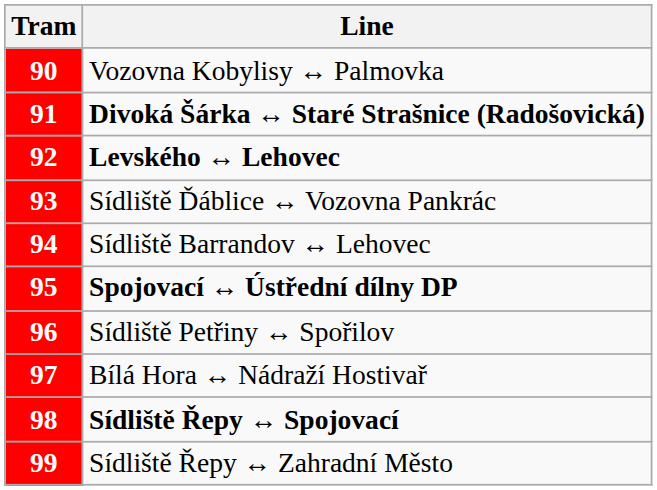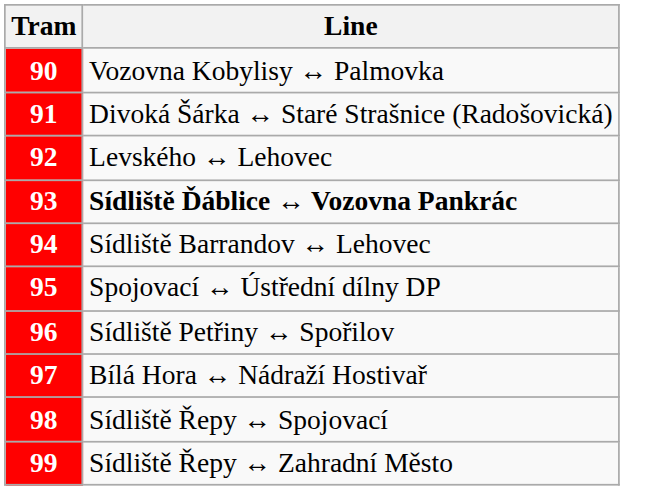 <table class="wikitable">
 <tr>
 <th>Tram</th>
 <th>Line</th>
 </tr>
 <tr>
 <td align="center" style="color: white; background-color: #FF0000"><strong>90</strong></td>
 <td>Vozovna Kobylisy ↔ Palmovka</td>
 </tr>
 <tr>
 <td align="center" style="color: white; background-color: #FF0000"><strong>91</strong></td>
-<td><strong>Divoká Šárka ↔ Staré Strašnice (Radošovická)</strong></td>
+<td>Divoká Šárka ↔ Staré Strašnice (Radošovická)</td>
 </tr>
 <tr>
 <td align="center" style="color: white; background-color: #FF0000"><strong>92</strong></td>
-<td><strong>Levského ↔ Lehovec</strong></td>
+<td>Levského ↔ Lehovec</td>
 </tr>
 <tr>
 <td align="center" style="color: white; background-color: #FF0000"><strong>93</strong></td>
-<td>Sídliště Ďáblice ↔ Vozovna Pankrác</td>
+<td><strong>Sídliště Ďáblice ↔ Vozovna Pankrác</strong></td>
 </tr>
 <tr>
 <td align="center" style="color: white; background-color: #FF0000"><strong>94</strong></td>
 <td>Sídliště Barrandov ↔ Lehovec</td>
 </tr>
 <tr>
 <td align="center" style="color: white; background-color: #FF0000"><strong>95</strong></td>
-<td><strong>Spojovací ↔ Ústřední dílny DP</strong></td>
+<td>Spojovací ↔ Ústřední dílny DP</td>
 </tr>
 <tr>
 <td align="center" style="color: white; background-color: #FF0000"><strong>96</strong></td>
 <td>Sídliště Petřiny ↔ Spořilov</td>
 </tr>
 <tr>
 <td align="center" style="color: white; background-color: #FF0000"><strong>97</strong></td>
 <td>Bílá Hora ↔ Nádraží Hostivař</td>
 </tr>
 <tr>
 <td align="center" style="color: white; background-color: #FF0000"><strong>98</strong></td>
-<td><strong>Sídliště Řepy ↔ Spojovací</strong></td>
+<td>Sídliště Řepy ↔ Spojovací</td>
 </tr>
 <tr>
 <td align="center" style="color: white; background-color: #FF0000"><strong>99</strong></td>
 <td>Sídliště Řepy ↔ Zahradní Město</td>
 </tr>
 </table>
